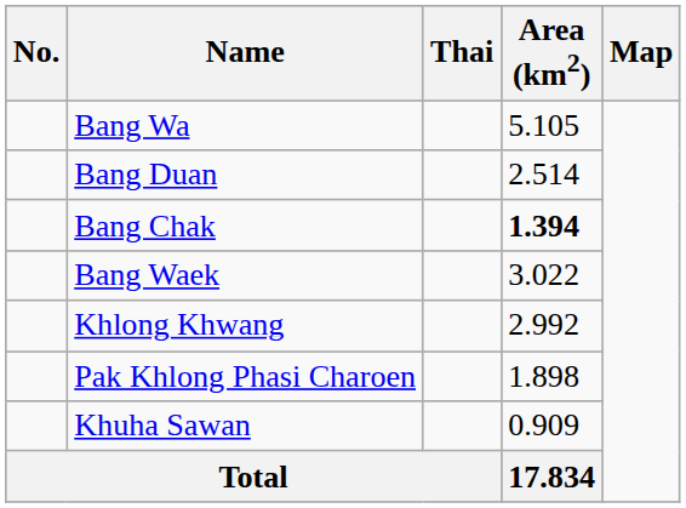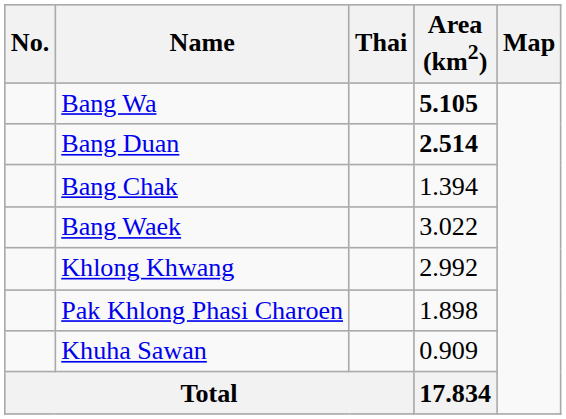 <table class="wikitable sortable">
 <tr>
 <th>No.</th>
 <th>Name</th>
 <th>Thai</th>
 <th>Area<br>(km<sup>2</sup>)</th>
 <th>Map</th>
 </tr>
 <tr>
 <td></td>
 <td><a href='#'>Bang Wa</a></td>
 <td></td>
-<td><div>5.105</div></td>
+<td><strong><div>5.105</div></strong></td>
 <td rowspan=8></td>
 </tr>
 <tr>
 <td></td>
 <td><a href='#'>Bang Duan</a></td>
 <td></td>
-<td><div>2.514</div></td>
+<td><strong><div>2.514</div></strong></td>
 </tr>
 <tr>
 <td></td>
 <td><a href='#'>Bang Chak</a></td>
 <td></td>
-<td><strong><div>1.394</div></strong></td>
+<td><div>1.394</div></td>
 </tr>
 <tr>
 <td></td>
 <td><a href='#'>Bang Waek</a></td>
 <td></td>
 <td><div>3.022</div></td>
 </tr>
 <tr>
 <td></td>
 <td><a href='#'>Khlong Khwang</a></td>
 <td></td>
 <td><div>2.992</div></td>
 </tr>
 <tr>
 <td></td>
 <td><a href='#'>Pak Khlong Phasi Charoen</a></td>
 <td></td>
 <td><div>1.898</div></td>
 </tr>
 <tr>
 <td></td>
 <td><a href='#'>Khuha Sawan</a></td>
 <td></td>
 <td><div>0.909</div></td>
 </tr>
 <tr>
 <th colspan=3>Total</th>
 <th><div>17.834</div></th>
 </tr>
 </table>
